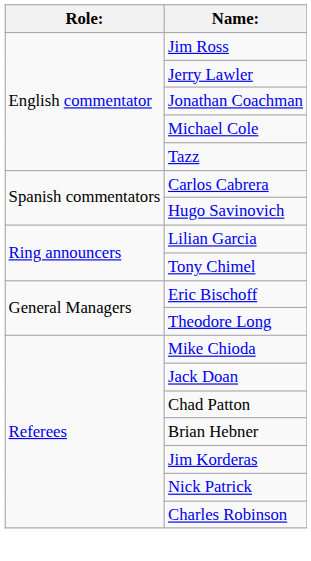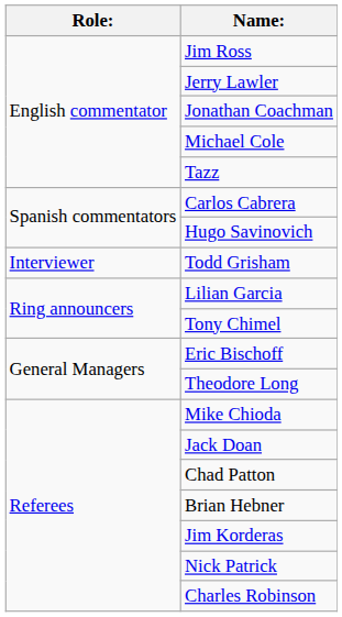 <table class=wikitable style="font-size:90%; margin: 0.5em 0 0.5em 1em; float: right; clear: right;">
 <tr>
 <th>Role:</th>
 <th>Name:</th>
 </tr>
 <tr>
 <td rowspan=5>English <a href='#'>commentator</a></td>
 <td><a href='#'>Jim Ross</a> </td>
 </tr>
 <tr>
 <td><a href='#'>Jerry Lawler</a> </td>
 </tr>
 <tr>
 <td><a href='#'>Jonathan Coachman</a> </td>
 </tr>
 <tr>
 <td><a href='#'>Michael Cole</a> </td>
 </tr>
 <tr>
 <td><a href='#'>Tazz</a> </td>
 </tr>
 <tr>
 <td rowspan=2>Spanish commentators</td>
 <td><a href='#'>Carlos Cabrera</a></td>
 </tr>
 <tr>
 <td><a href='#'>Hugo Savinovich</a></td>
+</tr>
+<tr>
+<td><a href='#'>Interviewer</a></td>
+<td><a href='#'>Todd Grisham</a></td>
 </tr>
 <tr>
 <td rowspan=2><a href='#'>Ring announcers</a></td>
 <td><a href='#'>Lilian Garcia</a><br></td>
 </tr>
 <tr>
 <td><a href='#'>Tony Chimel</a></td>
 </tr>
 <tr>
 <td rowspan=2>General Managers</td>
 <td><a href='#'>Eric Bischoff</a> </td>
 </tr>
 <tr>
 <td><a href='#'>Theodore Long</a><br></td>
 </tr>
 <tr>
 <td rowspan=7><a href='#'>Referees</a></td>
 <td><a href='#'>Mike Chioda</a> </td>
 </tr>
 <tr>
 <td><a href='#'>Jack Doan</a> </td>
 </tr>
 <tr>
 <td>Chad Patton </td>
 </tr>
 <tr>
 <td>Brian Hebner </td>
 </tr>
 <tr>
 <td><a href='#'>Jim Korderas</a> </td>
 </tr>
 <tr>
 <td><a href='#'>Nick Patrick</a> </td>
 </tr>
 <tr>
 <td><a href='#'>Charles Robinson</a> </td>
 </tr>
 </table>
